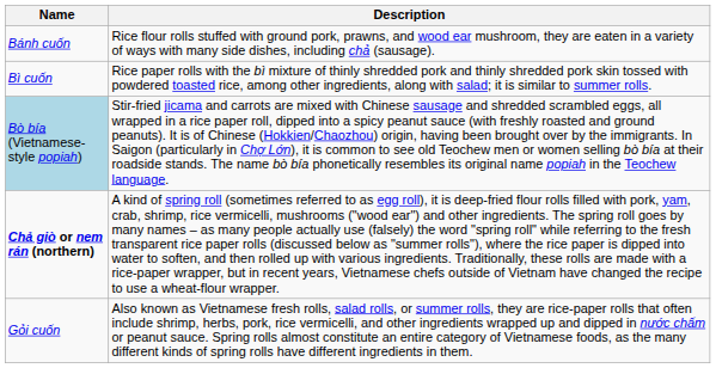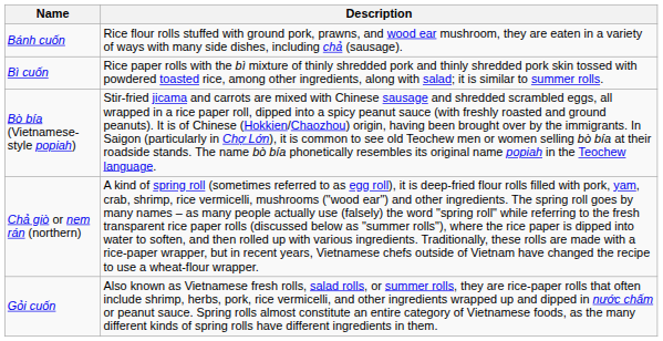 <table class="wikitable">
 <tr>
 <th scope="col" style="width:120px;">Name</th>
 <th>Description</th>
 </tr>
 <tr>
 <td><em><a href='#'>Bánh cuốn</a></em></td>
 <td>Rice flour rolls stuffed with ground pork, prawns, and <a href='#'>wood ear</a> mushroom, they are eaten in a variety of ways with many side dishes, including <em><a href='#'>chả</a></em> (sausage).</td>
 </tr>
 <tr>
 <td><em><a href='#'>Bì cuốn</a></em></td>
 <td>Rice paper rolls with the <em>bì</em> mixture of thinly shredded pork and thinly shredded pork skin tossed with powdered <a href='#'>toasted</a> rice, among other ingredients, along with <a href='#'>salad</a>; it is similar to <a href='#'>summer rolls</a>.</td>
 </tr>
 <tr>
-<td style="background: lightblue;"><em><a href='#'>Bò bía</a></em> (Vietnamese-style <em><a href='#'>popiah</a></em>)</td>
+<td><em><a href='#'>Bò bía</a></em> (Vietnamese-style <em><a href='#'>popiah</a></em>)</td>
 <td>Stir-fried <a href='#'>jicama</a> and carrots are mixed with Chinese <a href='#'>sausage</a> and shredded scrambled eggs, all wrapped in a rice paper roll, dipped into a spicy peanut sauce (with freshly roasted and ground peanuts). It is of Chinese (<a href='#'>Hokkien</a>/<a href='#'>Chaozhou</a>) origin, having been brought over by the immigrants. In Saigon (particularly in <a href='#'><em>Chợ Lớn</em></a>), it is common to see old Teochew men or women selling<em> bò bía</em> at their roadside stands. The name <em>bò bía</em> phonetically resembles its original name <em><a href='#'>popiah</a></em> in the <a href='#'>Teochew language</a>.</td>
 </tr>
 <tr>
-<td><strong><em><a href='#'>Chả giò</a></em> or <em><a href='#'>nem rán</a></em> (northern)</strong></td>
+<td><em><a href='#'>Chả giò</a></em> or <em><a href='#'>nem rán</a></em> (northern)</td>
 <td>A kind of <a href='#'>spring roll</a> (sometimes referred to as <a href='#'>egg roll</a>), it is deep-fried flour rolls filled with pork, <a href='#'>yam</a>, crab, shrimp, rice vermicelli, mushrooms ("wood ear") and other ingredients. The spring roll goes by many names – as many people actually use (falsely) the word "spring roll" while referring to the fresh transparent rice paper rolls (discussed below as "summer rolls"), where the rice paper is dipped into water to soften, and then rolled up with various ingredients. Traditionally, these rolls are made with a rice-paper wrapper, but in recent years, Vietnamese chefs outside of Vietnam have changed the recipe to use a wheat-flour wrapper.</td>
 </tr>
 <tr>
 <td><em><a href='#'>Gỏi cuốn</a></em></td>
 <td>Also known as Vietnamese fresh rolls, <a href='#'>salad rolls</a>, or <a href='#'>summer rolls</a>, they are rice-paper rolls that often include shrimp, herbs, pork, rice vermicelli, and other ingredients wrapped up and dipped in <em><a href='#'>nước chấm</a></em> or peanut sauce. Spring rolls almost constitute an entire category of Vietnamese foods, as the many different kinds of spring rolls have different ingredients in them.</td>
 </tr>
 </table>
